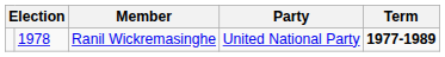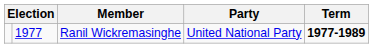 <table class="wikitable">
 <tr>
 <th colspan="2">Election</th>
 <th>Member</th>
 <th>Party</th>
 <th>Term</th>
 </tr>
 <tr>
 <td style="background-color: "></td>
-<td><a href='#'>1978</a></td>
+<td><a href='#'>1977</a></td>
 <td><a href='#'>Ranil Wickremasinghe</a></td>
 <td><a href='#'>United National Party</a></td>
 <td><strong>1977-1989</strong></td>
 </tr>
 </table>
